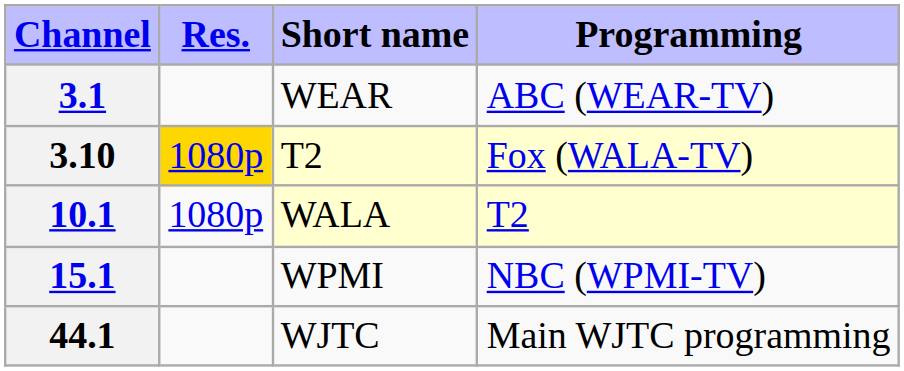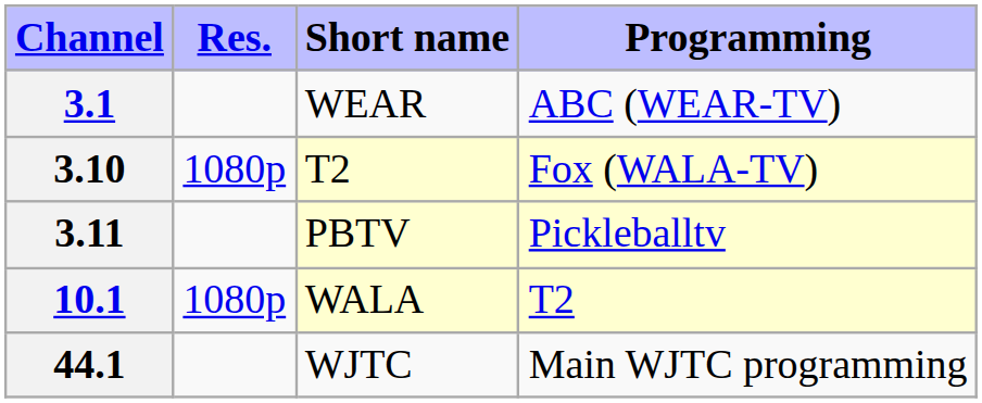 <table class="wikitable">
 <tr>
 <th style="background-color: #bdbdff" scope = "col"><a href='#'>Channel</a></th>
 <th style="background-color: #bdbdff" scope = "col"><a href='#'>Res.</a></th>
 <th style="background-color: #bdbdff" scope = "col">Short name</th>
 <th style="background-color: #bdbdff" scope = "col">Programming</th>
 </tr>
 <tr>
 <th scope = "row"><a href='#'>3.1</a></th>
 <td></td>
 <td>WEAR</td>
 <td><a href='#'>ABC</a> (<a href='#'>WEAR-TV</a>)</td>
 </tr>
 <tr>
 <th scope = "row">3.10</th>
-<td style="background: gold;"><a href='#'>1080p</a></td>
+<td><a href='#'>1080p</a></td>
 <td style="background-color:#ffffd0">T2</td>
 <td style="background-color:#ffffd0"><a href='#'>Fox</a> (<a href='#'>WALA-TV</a>)</td>
+</tr>
+<tr>
+<th scope = "row">3.11</th>
+<td></td>
+<td style="background-color:#ffffd0">PBTV</td>
+<td style="background-color:#ffffd0"><a href='#'>Pickleballtv</a></td>
 </tr>
 <tr>
 <th scope = "row"><a href='#'>10.1</a></th>
 <td><a href='#'>1080p</a></td>
 <td style="background-color:#ffffd0">WALA</td>
 <td style="background-color:#ffffd0"><a href='#'>T2</a></td>
 </tr>
 <tr>
-<th scope = "row"><a href='#'>15.1</a></th>
-<td></td>
-<td>WPMI</td>
-<td><a href='#'>NBC</a> (<a href='#'>WPMI-TV</a>)</td>
-</tr>
-<tr>
 <th scope = "row">44.1</th>
 <td></td>
 <td>WJTC</td>
 <td>Main WJTC programming</td>
 </tr>
 </table>
